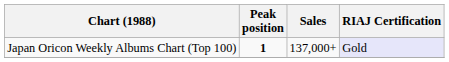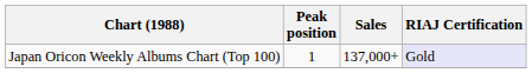 <table class="wikitable">
 <tr>
 <th>Chart (1988)</th>
 <th>Peak<br>position</th>
 <th>Sales</th>
 <th>RIAJ Certification</th>
 </tr>
 <tr>
 <td>Japan Oricon Weekly Albums Chart (Top 100)</td>
-<td align="center"><strong>1</strong></td>
+<td align="center">1</td>
 <td>137,000+</td>
 <td style="background: lavender;">Gold</td>
 </tr>
 <tr>
 </tr>
 </table>
